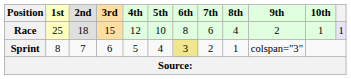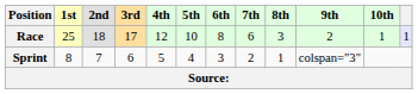 <table class="wikitable" style="font-size: 85%; text-align:center">
 <tr>
 <th>Position</th>
 <th style="background-color:#ffffbf"> 1st </th>
 <th style="background-color:#dfdfdf"> 2nd </th>
 <th style="background-color:#ffdf9f"> 3rd </th>
 <th style="background-color:#dfffdf"> 4th </th>
 <th style="background-color:#dfffdf"> 5th </th>
 <th style="background-color:#dfffdf"> 6th </th>
 <th style="background-color:#dfffdf"> 7th </th>
 <th style="background-color:#dfffdf"> 8th </th>
 <th style="background-color:#dfffdf"> 9th </th>
 <th style="background-color:#dfffdf"> 10th </th>
 <th><a href='#'></a></th>
 </tr>
 <tr>
 <th>Race</th>
 <td style="background-color:#ffffbf">25</td>
 <td style="background-color:#dfdfdf">18</td>
-<td style="background-color:#ffdf9f">15</td>
+<td style="background-color:#ffdf9f">17</td>
 <td style="background-color:#dfffdf">12</td>
 <td style="background-color:#dfffdf">10</td>
 <td style="background-color:#dfffdf">8</td>
 <td style="background-color:#dfffdf">6</td>
-<td style="background-color:#dfffdf">4</td>
+<td style="background-color:#dfffdf">3</td>
 <td style="background-color:#dfffdf">2</td>
 <td style="background-color:#dfffdf">1</td>
 <td style="background: lavender;">1</td>
 </tr>
 <tr>
 <th>Sprint</th>
 <td>8</td>
 <td>7</td>
 <td>6</td>
 <td>5</td>
 <td>4</td>
-<td style="background: khaki;">3</td>
+<td>3</td>
 <td>2</td>
 <td>1</td>
 <td>colspan="3" </td>
 </tr>
 <tr class="sortbottom">
 <th colspan="12">Source:</th>
 </tr>
 </table>
